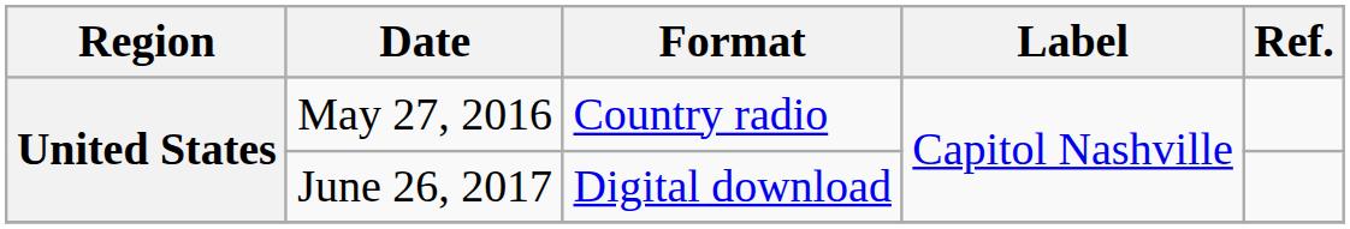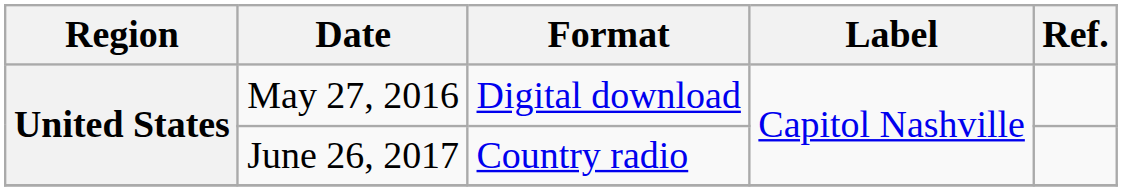 <table class="wikitable sortable plainrowheaders">
 <tr>
 <th scope="col">Region</th>
 <th scope="col">Date</th>
 <th scope="col">Format</th>
 <th scope="col">Label</th>
 <th scope="col">Ref.</th>
 </tr>
 <tr>
 <th scope="row" rowspan="2">United States</th>
 <td>May 27, 2016</td>
-<td><a href='#'>Country radio</a></td>
+<td><a href='#'>Digital download</a></td>
 <td rowspan="2"><a href='#'>Capitol Nashville</a></td>
 <td></td>
 </tr>
 <tr>
 <td>June 26, 2017</td>
-<td><a href='#'>Digital download</a></td>
+<td><a href='#'>Country radio</a></td>
 <td></td>
 </tr>
 <tr>
 </tr>
 </table>
